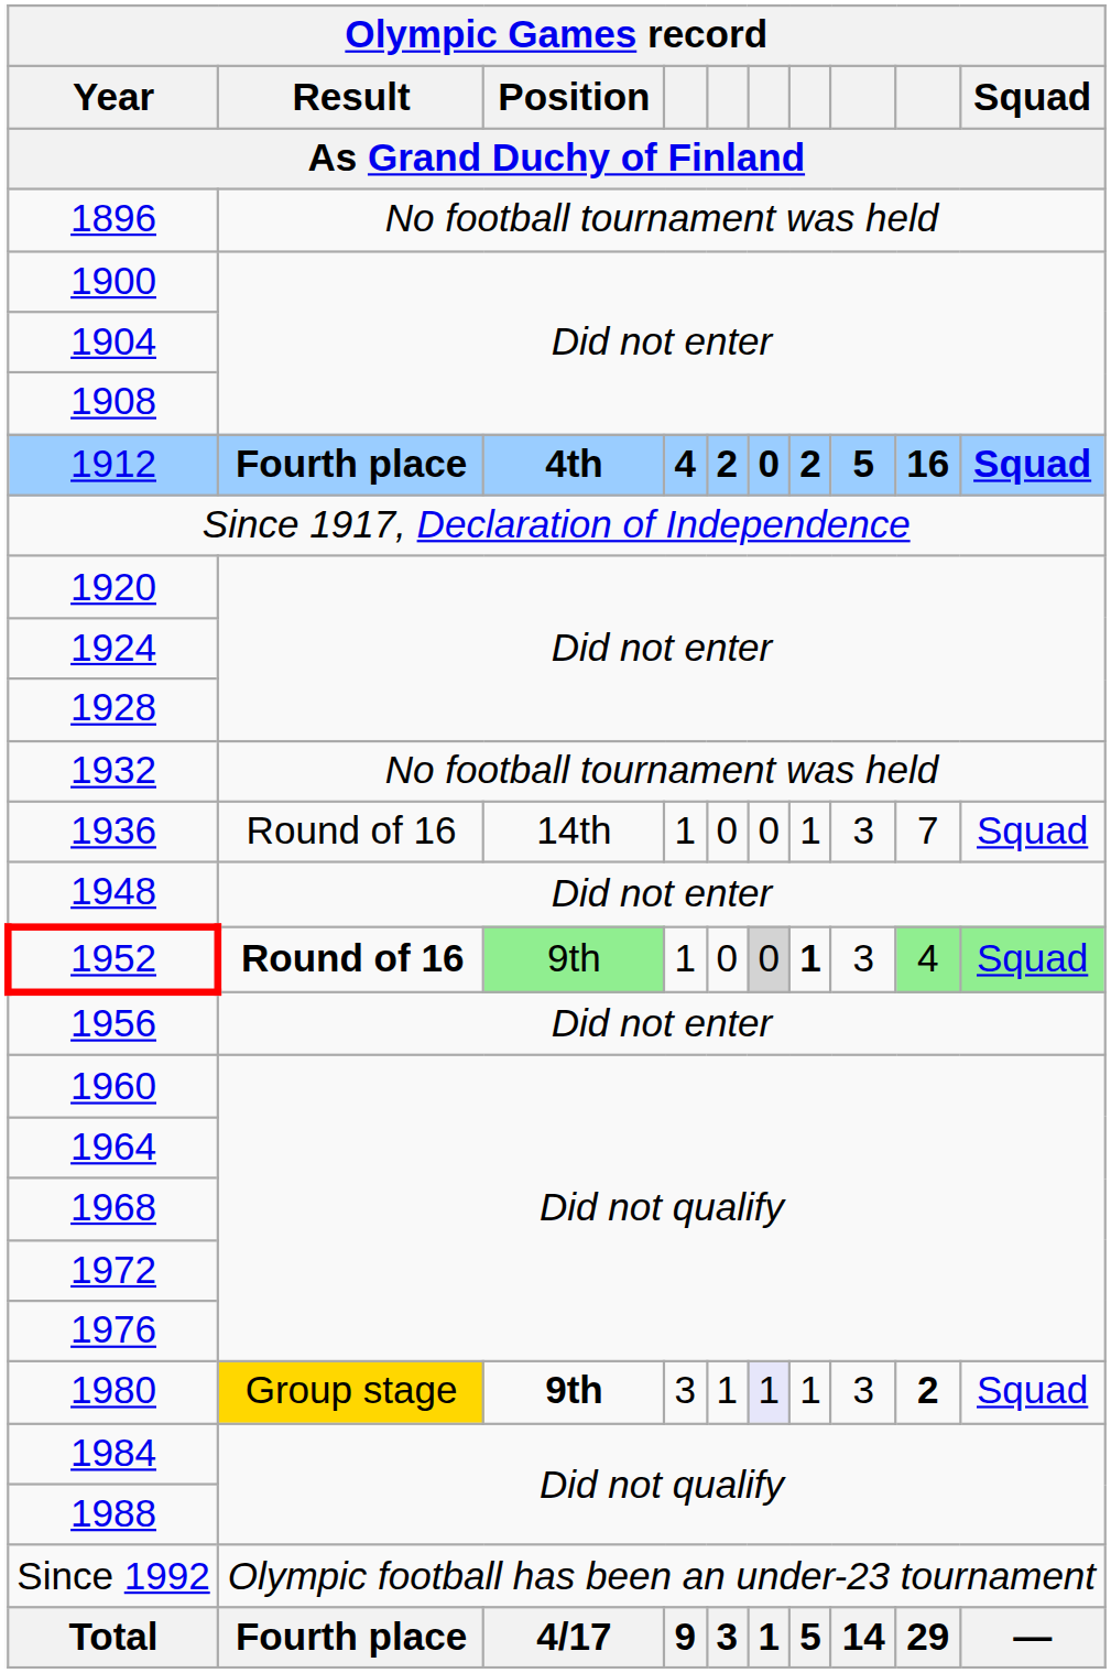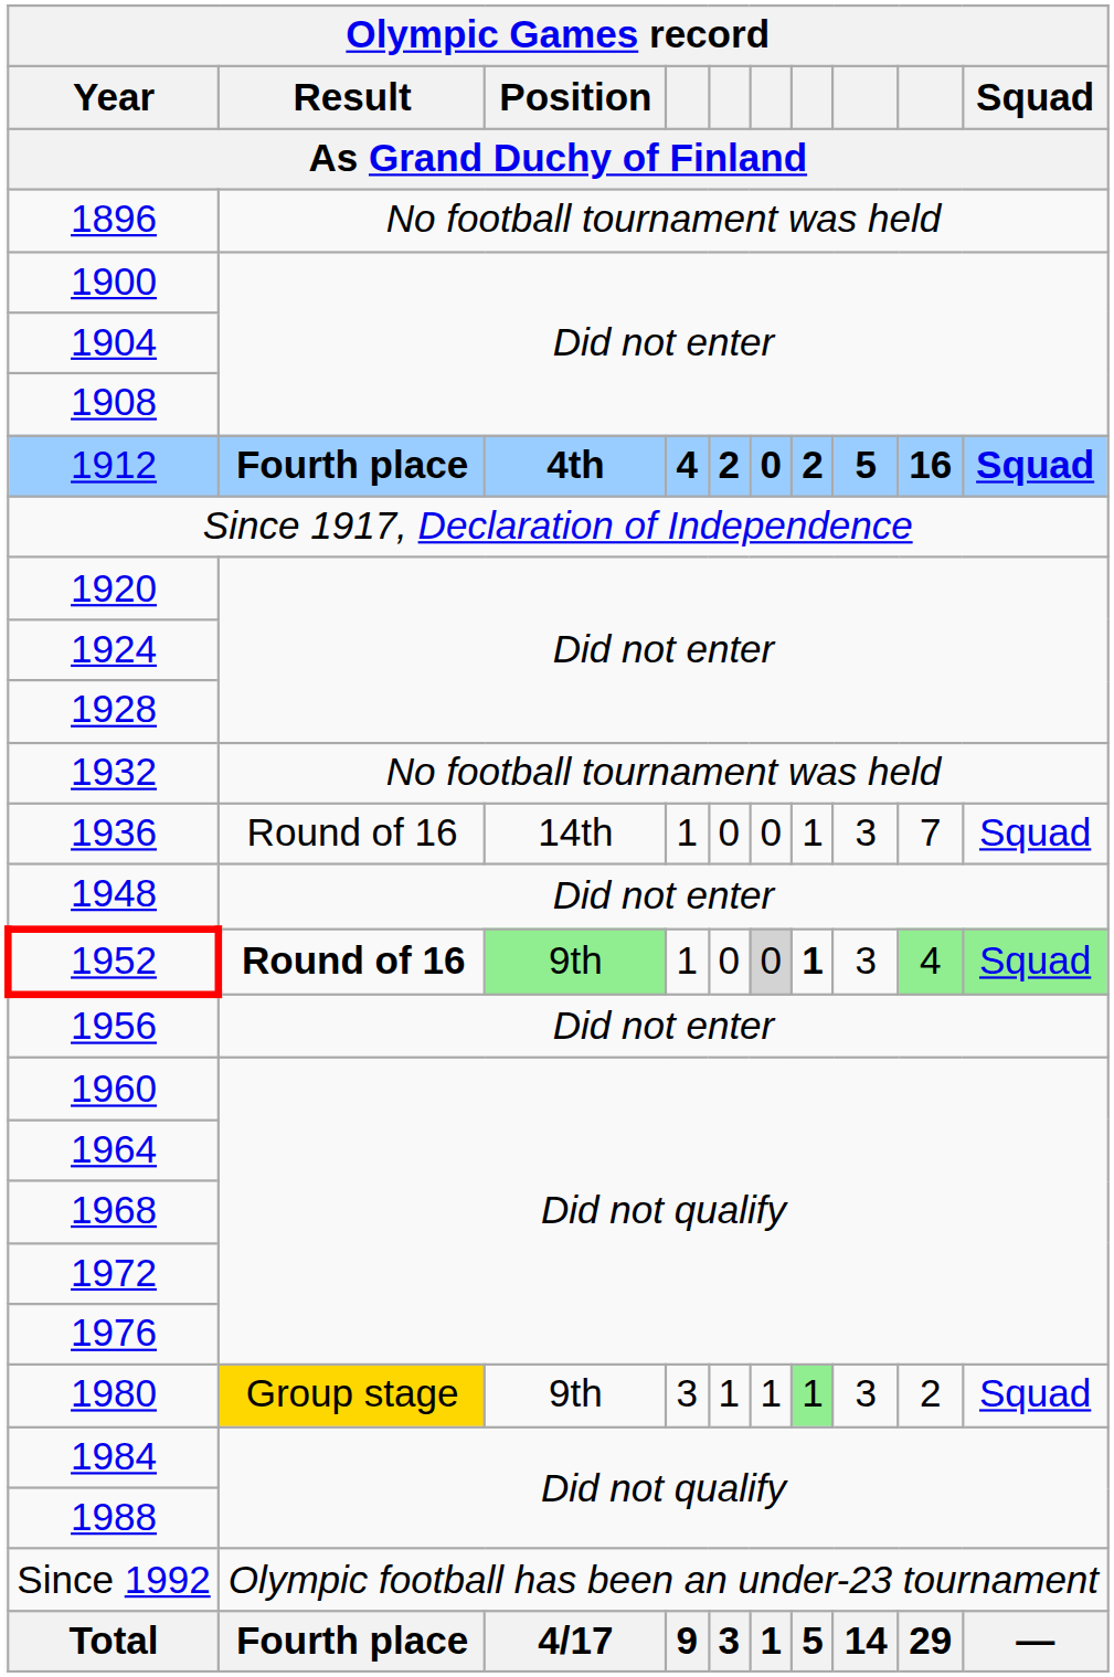 <table class="wikitable" style="text-align: center;">
 <tr>
 <th colspan=11><a href='#'>Olympic Games</a> record</th>
 </tr>
 <tr>
 <th>Year</th>
 <th>Result</th>
 <th>Position</th>
 <th></th>
 <th></th>
 <th></th>
 <th></th>
 <th></th>
 <th></th>
 <th>Squad</th>
 </tr>
 <tr>
 <th colspan=10>As <a href='#'>Grand Duchy of Finland</a></th>
 </tr>
 <tr>
 <td> <a href='#'>1896</a></td>
 <td colspan=9><em>No football tournament was held</em></td>
 </tr>
 <tr>
 <td> <a href='#'>1900</a></td>
 <td colspan=9 rowspan=3><em>Did not enter</em></td>
 </tr>
 <tr>
 <td> <a href='#'>1904</a></td>
 </tr>
 <tr>
 <td> <a href='#'>1908</a></td>
 </tr>
 <tr>
 </tr>
 <tr style="background:#9acdff;">
 <td> <a href='#'>1912</a></td>
 <td><strong>Fourth place</strong></td>
 <td><strong>4th</strong></td>
 <td><strong>4</strong></td>
 <td><strong>2</strong></td>
 <td><strong>0</strong></td>
 <td><strong>2</strong></td>
 <td><strong>5</strong></td>
 <td><strong>16</strong></td>
 <td><strong><a href='#'>Squad</a></strong></td>
 </tr>
 <tr>
 <td colspan=10><em>Since 1917, <a href='#'>Declaration of Independence</a> </em></td>
 </tr>
 <tr>
 <td> <a href='#'>1920</a></td>
 <td colspan=9 rowspan=3><em>Did not enter</em></td>
 </tr>
 <tr>
 <td> <a href='#'>1924</a></td>
 </tr>
 <tr>
 <td> <a href='#'>1928</a></td>
 </tr>
 <tr>
 <td> <a href='#'>1932</a></td>
 <td colspan=9><em>No football tournament was held</em></td>
 </tr>
 <tr>
 <td> <a href='#'>1936</a></td>
 <td>Round of 16</td>
 <td>14th</td>
 <td>1</td>
 <td>0</td>
 <td>0</td>
 <td>1</td>
 <td>3</td>
 <td>7</td>
 <td><a href='#'>Squad</a></td>
 </tr>
 <tr>
 <td> <a href='#'>1948</a></td>
 <td colspan=9><em>Did not enter</em></td>
 </tr>
 <tr>
 <td style="border: 3px solid red"> <a href='#'>1952</a></td>
 <td><strong>Round of 16</strong></td>
 <td style="background: lightgreen;">9th</td>
 <td>1</td>
 <td>0</td>
 <td style="background: lightgrey;">0</td>
 <td><strong>1</strong></td>
 <td>3</td>
 <td style="background: lightgreen;">4</td>
 <td style="background: lightgreen;"><a href='#'>Squad</a></td>
 </tr>
 <tr>
 <td> <a href='#'>1956</a></td>
 <td colspan=9><em>Did not enter</em></td>
 </tr>
 <tr>
 <td> <a href='#'>1960</a></td>
 <td colspan=9 rowspan=5><em>Did not qualify</em></td>
 </tr>
 <tr>
 <td> <a href='#'>1964</a></td>
 </tr>
 <tr>
 <td> <a href='#'>1968</a></td>
 </tr>
 <tr>
 <td> <a href='#'>1972</a></td>
 </tr>
 <tr>
 <td> <a href='#'>1976</a></td>
 </tr>
 <tr>
 <td> <a href='#'>1980</a></td>
 <td style="background: gold;">Group stage</td>
-<td><strong>9th</strong></td>
+<td>9th</td>
 <td>3</td>
 <td>1</td>
-<td style="background: lavender;">1</td>
 <td>1</td>
+<td style="background: lightgreen;">1</td>
 <td>3</td>
-<td><strong>2</strong></td>
+<td>2</td>
 <td><a href='#'>Squad</a></td>
 </tr>
 <tr>
 <td> <a href='#'>1984</a></td>
 <td colspan=9 rowspan=2><em>Did not qualify</em></td>
 </tr>
 <tr>
 <td> <a href='#'>1988</a></td>
 </tr>
 <tr>
 <td>Since <a href='#'>1992</a></td>
 <td colspan=9><em>Olympic football has been an under-23 tournament</em></td>
 </tr>
 <tr>
 <th>Total</th>
 <th>Fourth place</th>
 <th>4/17</th>
 <th>9</th>
 <th>3</th>
 <th>1</th>
 <th>5</th>
 <th>14</th>
 <th>29</th>
 <th>—</th>
 </tr>
 </table>
